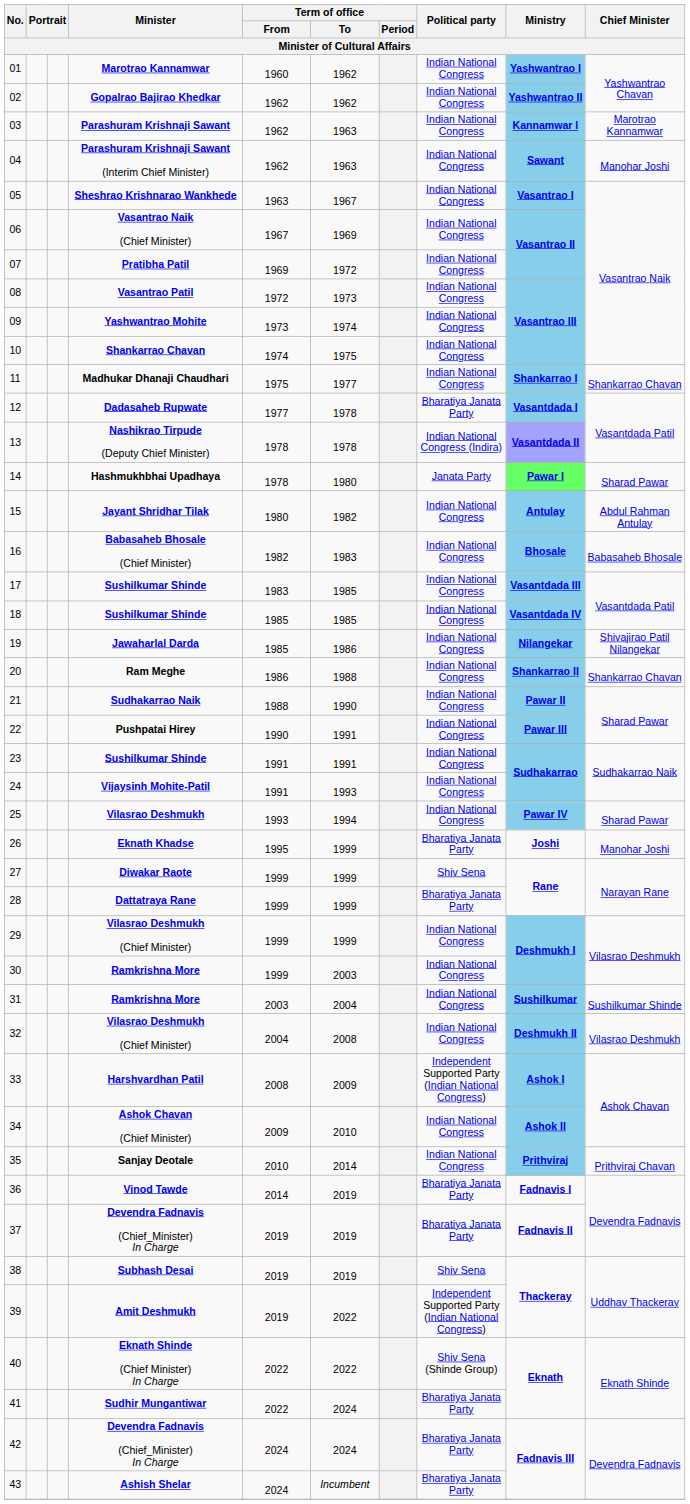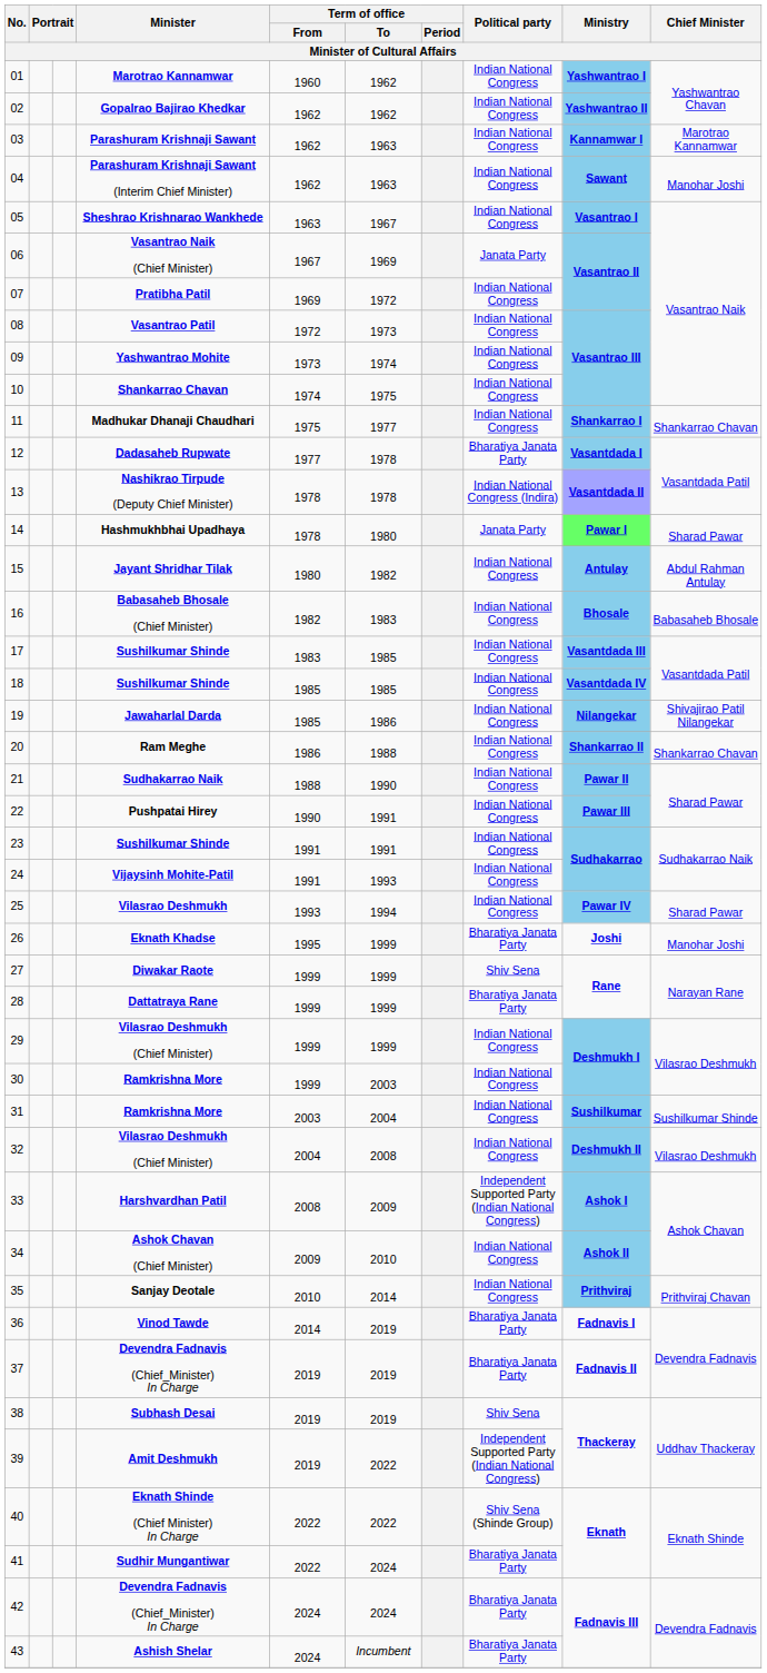 <table class="wikitable" style="text-align:center">
 <tr>
 <th rowspan="2">No.</th>
 <th rowspan="2" colspan="2">Portrait</th>
 <th rowspan="2" style="width:16em">Minister<br></th>
 <th colspan="3">Term of office</th>
 <th rowspan="2" style="width:8em">Political party</th>
 <th rowspan="2">Ministry</th>
 <th rowspan="2" style="width:9em">Chief Minister</th>
 </tr>
 <tr>
 <th style="width:6em">From</th>
 <th style="width:6em">To</th>
 <th>Period</th>
 </tr>
 <tr>
 <th colspan="10">Minister of Cultural Affairs</th>
 </tr>
 <tr>
 <td>01</td>
 <td style="color:inherit;background:"></td>
 <td></td>
 <td><strong><a href='#'>Marotrao Kannamwar</a></strong>  <br> </td>
 <td><br>1960</td>
 <td><br>1962</td>
 <th></th>
 <td><a href='#'>Indian National Congress</a></td>
 <td bgcolor="#87CEEB"><a href='#'><strong>Yashwantrao I</strong></a></td>
 <td rowspan="2"> <br><a href='#'>Yashwantrao Chavan</a></td>
 </tr>
 <tr>
 <td>02</td>
 <td style="color:inherit;background:"></td>
 <td></td>
 <td><strong><a href='#'>Gopalrao Bajirao Khedkar</a></strong>  <br> </td>
 <td><br>1962</td>
 <td><br>1962</td>
 <th></th>
 <td><a href='#'>Indian National Congress</a></td>
 <td bgcolor="#87CEEB"><a href='#'><strong>Yashwantrao II</strong></a></td>
 </tr>
 <tr>
 <td>03</td>
 <td style="color:inherit;background:"></td>
 <td></td>
 <td><strong><a href='#'>Parashuram Krishnaji Sawant</a></strong> <br> </td>
 <td><br>1962</td>
 <td><br>1963</td>
 <th></th>
 <td><a href='#'>Indian National Congress</a></td>
 <td bgcolor="#87CEEB"><a href='#'><strong>Kannamwar l</strong></a></td>
 <td><a href='#'>Marotrao Kannamwar</a></td>
 </tr>
 <tr>
 <td>04</td>
 <td style="color:inherit;background:"></td>
 <td></td>
 <td><strong><a href='#'>Parashuram Krishnaji Sawant</a></strong> <br>  <br>(Interim Chief Minister)</td>
 <td><br>1962</td>
 <td><br>1963</td>
 <th></th>
 <td><a href='#'>Indian National Congress</a></td>
 <td bgcolor="#87CEEB"><a href='#'><strong>Sawant</strong></a></td>
 <td rowspan="1"> <br><a href='#'>Manohar Joshi</a></td>
 </tr>
 <tr>
 <td>05</td>
 <td style="color:inherit;background:"></td>
 <td></td>
 <td><strong><a href='#'>Sheshrao Krishnarao Wankhede</a></strong> <br> </td>
 <td><br>1963</td>
 <td><br>1967</td>
 <th></th>
 <td><a href='#'>Indian National Congress</a></td>
 <td bgcolor="#87CEEB"><a href='#'><strong>Vasantrao I</strong></a></td>
 <td rowspan="6"><br><a href='#'>Vasantrao Naik</a></td>
 </tr>
 <tr>
 <td>06</td>
 <td style="color:inherit;background:"></td>
 <td></td>
 <td><strong><a href='#'>Vasantrao Naik</a></strong> <br> <br> (Chief Minister)</td>
 <td><br>1967</td>
 <td><br>1969</td>
 <th></th>
-<td><a href='#'>Indian National Congress</a></td>
+<td><a href='#'>Janata Party</a></td>
 <td rowspan="2" bgcolor="#87CEEB"><a href='#'><strong>Vasantrao II</strong></a></td>
 </tr>
 <tr>
 <td>07</td>
 <td style="color:inherit;background:"></td>
 <td></td>
 <td><strong><a href='#'>Pratibha Patil</a></strong> <br> </td>
 <td><br>1969</td>
 <td><br>1972</td>
 <th></th>
 <td><a href='#'>Indian National Congress</a></td>
 </tr>
 <tr>
 <td>08</td>
 <td style="color:inherit;background:"></td>
 <td></td>
 <td><strong><a href='#'>Vasantrao Patil</a></strong> <br> </td>
 <td><br>1972</td>
 <td><br>1973</td>
 <th></th>
 <td><a href='#'>Indian National Congress</a></td>
 <td rowspan="3" bgcolor="#87CEEB"><a href='#'><strong>Vasantrao III</strong></a></td>
 </tr>
 <tr>
 <td>09</td>
 <td style="color:inherit;background:"></td>
 <td></td>
 <td><strong><a href='#'>Yashwantrao Mohite</a></strong> <br> </td>
 <td><br>1973</td>
 <td><br>1974</td>
 <th></th>
 <td><a href='#'>Indian National Congress</a></td>
 </tr>
 <tr>
 <td>10</td>
 <td style="color:inherit;background:"></td>
 <td></td>
 <td><strong><a href='#'>Shankarrao Chavan</a></strong> <br> </td>
 <td><br>1974</td>
 <td><br>1975</td>
 <th></th>
 <td><a href='#'>Indian National Congress</a></td>
 </tr>
 <tr>
 <td>11</td>
 <td style="color:inherit;background:"></td>
 <td></td>
 <td><strong>Madhukar Dhanaji Chaudhari</strong> <br> </td>
 <td><br>1975</td>
 <td><br>1977</td>
 <th></th>
 <td><a href='#'>Indian National Congress</a></td>
 <td rowspan="1" bgcolor="#87CEEB"><a href='#'><strong>Shankarrao I</strong></a></td>
 <td rowspan="1"><br><a href='#'>Shankarrao Chavan</a></td>
 </tr>
 <tr>
 <td>12</td>
 <td style="color:inherit;background:"></td>
 <td></td>
 <td><strong><a href='#'>Dadasaheb Rupwate</a></strong> <br> </td>
 <td><br>1977</td>
 <td><br>1978</td>
 <th></th>
 <td><a href='#'>Bharatiya Janata Party</a></td>
 <td rowspan="1" bgcolor="#88CEEB"><a href='#'><strong>Vasantdada I</strong></a></td>
 <td rowspan="2"><br><a href='#'>Vasantdada Patil</a></td>
 </tr>
 <tr>
 <td>13</td>
 <td style="color:inherit;background:"></td>
 <td></td>
 <td><strong><a href='#'>Nashikrao Tirpude</a></strong> <br> <br> (Deputy Chief Minister)</td>
 <td><br>1978</td>
 <td><br>1978</td>
 <th></th>
 <td><a href='#'>Indian National Congress (Indira)</a></td>
 <td rowspan="1" bgcolor="#A3A3FF"><a href='#'><strong>Vasantdada II</strong></a></td>
 </tr>
 <tr>
 <td>14</td>
 <td style="color:inherit;background:"></td>
 <td></td>
 <td><strong>Hashmukhbhai Upadhaya</strong> <br> </td>
 <td><br>1978</td>
 <td><br>1980</td>
 <th></th>
 <td><a href='#'>Janata Party</a></td>
 <td rowspan="1" bgcolor="#66FF66"><a href='#'><strong>Pawar I</strong></a></td>
 <td rowspan="1"><br><a href='#'>Sharad Pawar</a></td>
 </tr>
 <tr>
 <td>15</td>
 <td style="color:inherit;background:"></td>
 <td></td>
 <td><strong><a href='#'>Jayant Shridhar Tilak</a></strong> <br> </td>
 <td><br>1980</td>
 <td><br>1982</td>
 <th></th>
 <td><a href='#'>Indian National Congress</a></td>
 <td rowspan="1" bgcolor="#87CEEB"><a href='#'><strong>Antulay</strong></a></td>
 <td rowspan="1"> <br><a href='#'>Abdul Rahman Antulay</a></td>
 </tr>
 <tr>
 <td>16</td>
 <td style="color:inherit;background:"></td>
 <td></td>
 <td><strong><a href='#'>Babasaheb Bhosale</a></strong>  <br> <br> (Chief Minister)</td>
 <td><br>1982</td>
 <td><br>1983</td>
 <th></th>
 <td><a href='#'>Indian National Congress</a></td>
 <td rowspan="1" bgcolor="#87CEEB"><a href='#'><strong>Bhosale</strong></a></td>
 <td rowspan="1"> <br><a href='#'>Babasaheb Bhosale</a></td>
 </tr>
 <tr>
 <td>17</td>
 <td style="color:inherit;background:"></td>
 <td></td>
 <td><strong><a href='#'>Sushilkumar Shinde</a></strong> <br> </td>
 <td><br>1983</td>
 <td><br>1985</td>
 <th></th>
 <td><a href='#'>Indian National Congress</a></td>
 <td rowspan="1" bgcolor="#87CEEB"><a href='#'><strong>Vasantdada III</strong></a></td>
 <td rowspan="2"><br><a href='#'>Vasantdada Patil</a></td>
 </tr>
 <tr>
 <td>18</td>
 <td style="color:inherit;background:"></td>
 <td></td>
 <td><strong><a href='#'>Sushilkumar Shinde</a></strong>  <br> </td>
 <td><br>1985</td>
 <td><br>1985</td>
 <th></th>
 <td><a href='#'>Indian National Congress</a></td>
 <td bgcolor="#87CEEB"><a href='#'><strong>Vasantdada IV</strong></a></td>
 </tr>
 <tr>
 <td>19</td>
 <td style="color:inherit;background:"></td>
 <td></td>
 <td><strong><a href='#'>Jawaharlal Darda</a></strong> <br> </td>
 <td><br>1985</td>
 <td><br>1986</td>
 <th></th>
 <td><a href='#'>Indian National Congress</a></td>
 <td rowspan="1" bgcolor="#87CEEB"><a href='#'><strong>Nilangekar</strong></a></td>
 <td rowspan="1"><a href='#'>Shivajirao Patil Nilangekar</a></td>
 </tr>
 <tr>
 <td>20</td>
 <td style="color:inherit;background:"></td>
 <td></td>
 <td><strong>Ram Meghe</strong>  <br> </td>
 <td><br>1986</td>
 <td><br>1988</td>
 <th></th>
 <td><a href='#'>Indian National Congress</a></td>
 <td rowspan="1"bgcolor="#87CEEB"><a href='#'><strong>Shankarrao II</strong></a></td>
 <td rowspan="1"> <br><a href='#'>Shankarrao Chavan</a></td>
 </tr>
 <tr>
 <td>21</td>
 <td style="color:inherit;background:"></td>
 <td></td>
 <td><strong><a href='#'>Sudhakarrao Naik</a></strong> <br> </td>
 <td><br>1988</td>
 <td><br>1990</td>
 <th></th>
 <td><a href='#'>Indian National Congress</a></td>
 <td rowspan="1" bgcolor="#87CEEB"><a href='#'><strong>Pawar II</strong></a></td>
 <td rowspan="2"> <br><a href='#'>Sharad Pawar</a></td>
 </tr>
 <tr>
 <td>22</td>
 <td style="color:inherit;background:"></td>
 <td></td>
 <td><strong>Pushpatai Hirey</strong> <br> </td>
 <td><br>1990</td>
 <td><br>1991</td>
 <th></th>
 <td><a href='#'>Indian National Congress</a></td>
 <td rowspan="1" bgcolor="#87CEEB"><a href='#'><strong>Pawar III</strong></a></td>
 </tr>
 <tr>
 <td>23</td>
 <td style="color:inherit;background:"></td>
 <td></td>
 <td><strong><a href='#'>Sushilkumar Shinde</a></strong> <br> </td>
 <td><br>1991</td>
 <td><br>1991</td>
 <th></th>
 <td><a href='#'>Indian National Congress</a></td>
 <td rowspan="2" bgcolor="#87CEEB"><a href='#'><strong>Sudhakarrao</strong></a></td>
 <td rowspan="2"><a href='#'>Sudhakarrao Naik</a></td>
 </tr>
 <tr>
 <td>24</td>
 <td style="color:inherit;background:"></td>
 <td></td>
 <td><strong><a href='#'>Vijaysinh Mohite-Patil</a></strong> <br> </td>
 <td><br>1991</td>
 <td><br>1993</td>
 <th></th>
 <td><a href='#'>Indian National Congress</a></td>
 </tr>
 <tr>
 <td>25</td>
 <td style="color:inherit;background:"></td>
 <td></td>
 <td><strong><a href='#'>Vilasrao Deshmukh</a></strong> <br> </td>
 <td><br>1993</td>
 <td><br>1994</td>
 <th></th>
 <td><a href='#'>Indian National Congress</a></td>
 <td rowspan="1" bgcolor="#87CEEB"><a href='#'><strong>Pawar IV</strong></a></td>
 <td rowspan="1"> <br><a href='#'>Sharad Pawar</a></td>
 </tr>
 <tr>
 <td>26</td>
 <td style="color:inherit;background:"></td>
 <td></td>
 <td><strong><a href='#'>Eknath Khadse</a></strong> <br> </td>
 <td><br>1995</td>
 <td><br>1999</td>
 <th></th>
 <td><a href='#'>Bharatiya Janata Party</a></td>
 <td rowspan="1"><a href='#'><strong>Joshi</strong></a></td>
 <td rowspan="1"> <br><a href='#'>Manohar Joshi</a></td>
 </tr>
 <tr>
 <td>27</td>
 <td style="color:inherit;background:"></td>
 <td></td>
 <td><strong><a href='#'>Diwakar Raote</a></strong> <br> </td>
 <td><br>1999</td>
 <td><br>1999</td>
 <th></th>
 <td><a href='#'>Shiv Sena</a></td>
 <td rowspan="2"><a href='#'><strong>Rane</strong></a></td>
 <td rowspan="2"> <br><a href='#'>Narayan Rane</a></td>
 </tr>
 <tr>
 <td>28</td>
 <td style="color:inherit;background:"></td>
 <td></td>
 <td><strong><a href='#'>Dattatraya Rane</a></strong> <br> </td>
 <td><br>1999</td>
 <td><br>1999</td>
 <th></th>
 <td><a href='#'>Bharatiya Janata Party</a></td>
 </tr>
 <tr>
 <td>29</td>
 <td style="color:inherit;background:"></td>
 <td></td>
 <td><strong><a href='#'>Vilasrao Deshmukh</a></strong> <br> <br>(Chief Minister)</td>
 <td><br>1999</td>
 <td><br>1999</td>
 <th></th>
 <td><a href='#'>Indian National Congress</a></td>
 <td rowspan="2" bgcolor="#87CEEB"><a href='#'><strong>Deshmukh I</strong></a></td>
 <td rowspan="2"> <br><a href='#'>Vilasrao Deshmukh</a></td>
 </tr>
 <tr>
 <td>30</td>
 <td style="color:inherit;background:"></td>
 <td></td>
 <td><strong><a href='#'>Ramkrishna More</a></strong> <br> </td>
 <td><br>1999</td>
 <td><br>2003</td>
 <th></th>
 <td><a href='#'>Indian National Congress</a></td>
 </tr>
 <tr>
 <td>31</td>
 <td style="color:inherit;background:"></td>
 <td></td>
 <td><strong><a href='#'>Ramkrishna More</a></strong> <br> </td>
 <td><br>2003</td>
 <td><br>2004</td>
 <th></th>
 <td><a href='#'>Indian National Congress</a></td>
 <td rowspan="1" bgcolor="#87CEEB"><a href='#'><strong>Sushilkumar</strong></a></td>
 <td rowspan="1"> <br><a href='#'>Sushilkumar Shinde</a></td>
 </tr>
 <tr>
 <td>32</td>
 <td style="color:inherit;background:"></td>
 <td></td>
 <td><strong><a href='#'>Vilasrao Deshmukh</a></strong> <br> <br> (Chief Minister)</td>
 <td><br>2004</td>
 <td><br>2008</td>
 <th></th>
 <td><a href='#'>Indian National Congress</a></td>
 <td rowspan="1" bgcolor="#87CEEB"><a href='#'><strong>Deshmukh II</strong></a></td>
 <td rowspan="1"> <br><a href='#'>Vilasrao Deshmukh</a></td>
 </tr>
 <tr>
 <td>33</td>
 <td style="color:inherit;background:"></td>
 <td></td>
 <td><strong><a href='#'>Harshvardhan Patil</a></strong> <br> </td>
 <td><br>2008</td>
 <td><br>2009</td>
 <th></th>
 <td><a href='#'>Independent</a> Supported Party<br>(<a href='#'>Indian National Congress</a>)</td>
 <td rowspan="1" bgcolor="#87CEEB"><a href='#'><strong>Ashok I</strong></a></td>
 <td rowspan="2"><br><a href='#'>Ashok Chavan</a></td>
 </tr>
 <tr>
 <td>34</td>
 <td style="color:inherit;background:"></td>
 <td></td>
 <td><strong><a href='#'>Ashok Chavan</a></strong> <br> <br> (Chief Minister)</td>
 <td><br>2009</td>
 <td><br>2010</td>
 <th></th>
 <td><a href='#'>Indian National Congress</a></td>
 <td rowspan="1"bgcolor="#87CEEB"><a href='#'><strong>Ashok II</strong></a></td>
 </tr>
 <tr>
 <td>35</td>
 <td style="color:inherit;background:"></td>
 <td></td>
 <td><strong>Sanjay Deotale</strong> <br> </td>
 <td><br>2010</td>
 <td><br>2014</td>
 <th></th>
 <td><a href='#'>Indian National Congress</a></td>
 <td rowspan="1" bgcolor="#87CEEB"><a href='#'><strong>Prithviraj</strong></a></td>
 <td rowspan="1"><br><a href='#'>Prithviraj Chavan</a></td>
 </tr>
 <tr>
 <td>36</td>
 <td style="color:inherit;background:"></td>
 <td></td>
 <td><strong><a href='#'>Vinod Tawde</a></strong>  <br> </td>
 <td><br>2014</td>
 <td><br>2019</td>
 <th></th>
 <td rowspan="1"><a href='#'>Bharatiya Janata Party</a></td>
 <td rowspan="1"><a href='#'><strong>Fadnavis I</strong></a></td>
 <td rowspan="2"> <br><a href='#'>Devendra Fadnavis</a></td>
 </tr>
 <tr>
 <td>37</td>
 <td style="color:inherit;background:"></td>
 <td></td>
 <td><strong><a href='#'>Devendra Fadnavis</a></strong>  <br> <br>(Chief_Minister) <br><em>In Charge</em></td>
 <td><br>2019</td>
 <td><br>2019</td>
 <th></th>
 <td><a href='#'>Bharatiya Janata Party</a></td>
 <td rowspan="1"><a href='#'><strong>Fadnavis II</strong></a></td>
 </tr>
 <tr>
 <td>38</td>
 <td style="color:inherit;background:"></td>
 <td></td>
 <td><strong><a href='#'>Subhash Desai</a></strong> <br> </td>
 <td><br>2019</td>
 <td><br>2019</td>
 <th></th>
 <td><a href='#'>Shiv Sena</a></td>
 <td rowspan="2"><a href='#'><strong>Thackeray</strong></a></td>
 <td rowspan="2"> <br><a href='#'>Uddhav Thackeray</a></td>
 </tr>
 <tr>
 <td>39</td>
 <td style="color:inherit;background:"></td>
 <td></td>
 <td><strong><a href='#'>Amit Deshmukh</a></strong>  <br> </td>
 <td><br>2019</td>
 <td><br>2022</td>
 <th></th>
 <td><a href='#'>Independent</a> Supported Party<br>(<a href='#'>Indian National Congress</a>)</td>
 </tr>
 <tr>
 <td>40</td>
 <td style="color:inherit;background:"></td>
 <td></td>
 <td><strong><a href='#'>Eknath Shinde</a></strong> <br>  <br>(Chief Minister)<br><em>In Charge</em></td>
 <td><br>2022</td>
 <td><br>2022</td>
 <th></th>
 <td><a href='#'>Shiv Sena</a> (Shinde Group)</td>
 <td rowspan="2"><a href='#'><strong>Eknath</strong></a></td>
 <td rowspan="2"> <br><a href='#'>Eknath Shinde</a></td>
 </tr>
 <tr>
 <td>41</td>
 <td style="color:inherit;background:"></td>
 <td></td>
 <td><strong><a href='#'>Sudhir Mungantiwar</a></strong> <br> </td>
 <td><br>2022</td>
 <td><br>2024</td>
 <th></th>
 <td><a href='#'>Bharatiya Janata Party</a></td>
 </tr>
 <tr>
 <td>42</td>
 <td style="color:inherit;background:"></td>
 <td></td>
 <td><strong><a href='#'>Devendra Fadnavis</a></strong>  <br> <br>(Chief_Minister) <br><em>In Charge</em></td>
 <td><br>2024</td>
 <td><br>2024</td>
 <th></th>
 <td><a href='#'>Bharatiya Janata Party</a></td>
 <td rowspan="2"><a href='#'><strong>Fadnavis III</strong></a></td>
 <td rowspan="2"> <br><a href='#'>Devendra Fadnavis</a></td>
 </tr>
 <tr>
 <td>43</td>
 <td style="color:inherit;background:"></td>
 <td></td>
 <td><strong><a href='#'>Ashish Shelar</a></strong> <br> </td>
 <td><br>2024</td>
 <td><em>Incumbent</em></td>
 <th></th>
 <td><a href='#'>Bharatiya Janata Party</a></td>
 </tr>
 <tr>
 </tr>
 </table>
